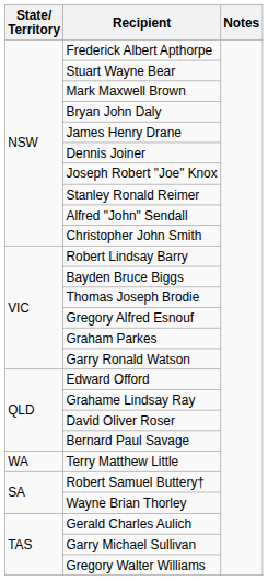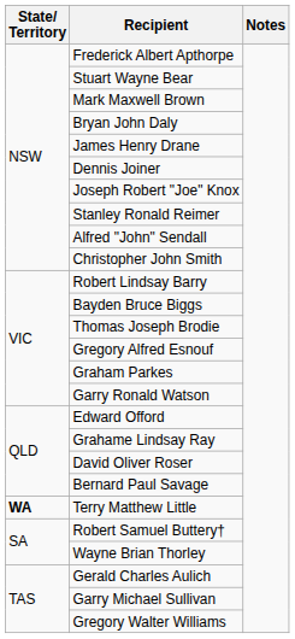 <table class="wikitable" style="font-size:95%;">
 <tr>
 <th>State/<br>Territory</th>
 <th>Recipient</th>
 <th>Notes</th>
 </tr>
 <tr>
 <td rowspan=10>NSW</td>
 <td>Frederick Albert Apthorpe</td>
 <td rowspan=33></td>
 </tr>
 <tr>
 <td>Stuart Wayne Bear</td>
 </tr>
 <tr>
 <td>Mark Maxwell Brown</td>
 </tr>
 <tr>
 <td>Bryan John Daly</td>
 </tr>
 <tr>
 <td>James Henry Drane</td>
 </tr>
 <tr>
 <td>Dennis Joiner</td>
 </tr>
 <tr>
 <td>Joseph Robert "Joe" Knox</td>
 </tr>
 <tr>
 <td>Stanley Ronald Reimer</td>
 </tr>
 <tr>
 <td>Alfred "John" Sendall</td>
 </tr>
 <tr>
 <td>Christopher John Smith</td>
 </tr>
 <tr>
 <td rowspan=6>VIC</td>
 <td>Robert Lindsay Barry</td>
 </tr>
 <tr>
 <td>Bayden Bruce Biggs</td>
 </tr>
 <tr>
 <td>Thomas Joseph Brodie</td>
 </tr>
 <tr>
 <td>Gregory Alfred Esnouf</td>
 </tr>
 <tr>
 <td>Graham Parkes</td>
 </tr>
 <tr>
 <td>Garry Ronald Watson</td>
 </tr>
 <tr>
 <td rowspan=4>QLD</td>
 <td>Edward Offord</td>
 </tr>
 <tr>
 <td>Grahame Lindsay Ray</td>
 </tr>
 <tr>
 <td>David Oliver Roser</td>
 </tr>
 <tr>
 <td>Bernard Paul Savage</td>
 </tr>
 <tr>
-<td>WA</td>
+<td><strong>WA</strong></td>
 <td>Terry Matthew Little</td>
 </tr>
 <tr>
 <td rowspan=2>SA</td>
 <td>Robert Samuel Buttery†</td>
 </tr>
 <tr>
 <td>Wayne Brian Thorley</td>
 </tr>
 <tr>
 <td rowspan=3>TAS</td>
 <td>Gerald Charles Aulich</td>
 </tr>
 <tr>
 <td>Garry Michael Sullivan</td>
 </tr>
 <tr>
 <td>Gregory Walter Williams</td>
 </tr>
 </table>
